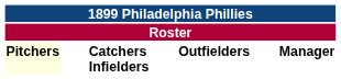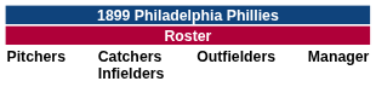 <table class="toccolours" style="font-size: 95%;">
 <tr>
 <th colspan="10" style="background-color: #0f437c; color: white; text-align: center;">1899 Philadelphia Phillies</th>
 </tr>
 <tr>
 <td colspan="10" style="background-color: #af0039; color: white; text-align: center;"><strong>Roster</strong></td>
 </tr>
 <tr>
-<td valign="top" style="background: lightyellow;"><strong>Pitchers</strong><br>       </td>
+<td valign="top"><strong>Pitchers</strong><br>       </td>
 <td width="25px"></td>
 <td valign="top"><strong>Catchers</strong><br>  <strong>Infielders</strong>         </td>
 <td width="25px"></td>
 <td valign="top"><strong>Outfielders</strong><br>   </td>
 <td width="25px"></td>
 <td valign="top"><strong>Manager</strong><br></td>
 </tr>
 </table>
